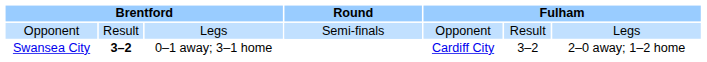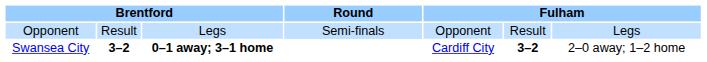 <table width="100%" bgcolor=white>
 <tr valign=top bgcolor=#99ccff>
 <th colspan=3 style="width:40%"><strong>Brentford</strong></th>
 <th style="width:20%"><strong>Round</strong></th>
 <th colspan=3 style="width:40%"><strong>Fulham</strong></th>
 </tr>
 <tr valign=top align="center" bgcolor=#c1e0ff>
 <td>Opponent</td>
 <td>Result</td>
 <td>Legs</td>
 <td bgcolor=#c1e0ff>Semi-finals</td>
 <td>Opponent</td>
 <td>Result</td>
 <td>Legs</td>
 </tr>
 <tr align="center">
 <td><a href='#'>Swansea City</a></td>
 <td><strong>3–2</strong></td>
-<td>0–1 away; 3–1 home</td>
+<td><strong>0–1 away; 3–1 home</strong></td>
 <td></td>
 <td><a href='#'>Cardiff City</a></td>
-<td>3–2</td>
+<td><strong>3–2</strong></td>
 <td>2–0 away; 1–2 home</td>
 </tr>
 </table>
